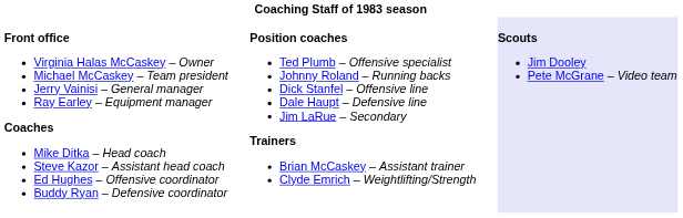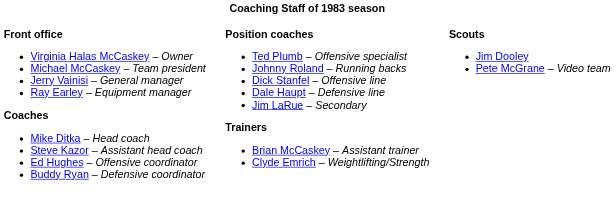 <table class="toccolours" style="border-collapse: collapse;">
 <tr>
 <td colspan="7" style="text-align:center;"><strong>Coaching Staff of 1983 season</strong></td>
 </tr>
 <tr>
 <td valign="top"><br><strong>Front office</strong><ul><li><a href='#'>Virginia Halas McCaskey</a> – <em>Owner</em></li><li><a href='#'>Michael McCaskey</a> – <em>Team president</em></li><li><a href='#'>Jerry Vainisi</a> – <em>General manager</em></li><li><a href='#'>Ray Earley</a> – <em>Equipment manager</em></li></ul><strong>Coaches</strong><ul><li><a href='#'>Mike Ditka</a> – <em>Head coach</em></li><li><a href='#'>Steve Kazor</a> – <em>Assistant head coach</em></li><li><a href='#'>Ed Hughes</a> – <em>Offensive coordinator</em></li><li><a href='#'>Buddy Ryan</a> – <em>Defensive coordinator</em></li></ul></td>
 <td width="25"> </td>
 <td valign="top"><br><strong>Position coaches</strong><ul><li><a href='#'>Ted Plumb</a> – <em>Offensive specialist</em></li><li><a href='#'>Johnny Roland</a> – <em>Running backs</em></li><li><a href='#'>Dick Stanfel</a> – <em>Offensive line</em></li><li><a href='#'>Dale Haupt</a> – <em>Defensive line</em></li><li><a href='#'>Jim LaRue</a> – <em>Secondary</em></li></ul><strong>Trainers</strong><ul><li><a href='#'>Brian McCaskey</a> – <em>Assistant trainer</em></li><li><a href='#'>Clyde Emrich</a> – <em>Weightlifting/Strength</em></li></ul></td>
 <td width="25"> </td>
-<td valign="top" style="background: lavender;"><br><strong>Scouts</strong><ul><li><a href='#'>Jim Dooley</a></li><li><a href='#'>Pete McGrane</a> – <em>Video team</em></li></ul></td>
+<td valign="top"><br><strong>Scouts</strong><ul><li><a href='#'>Jim Dooley</a></li><li><a href='#'>Pete McGrane</a> – <em>Video team</em></li></ul></td>
 </tr>
 </table>
